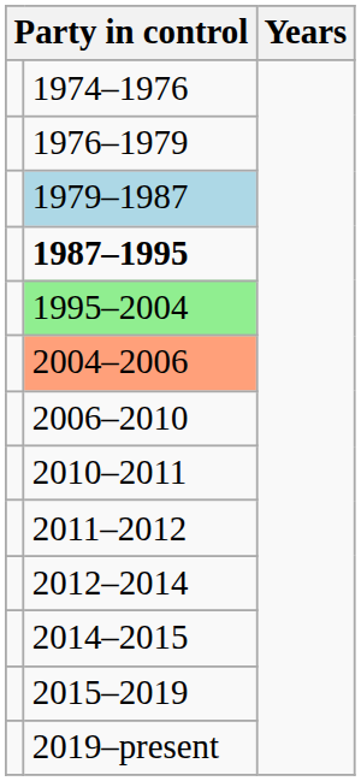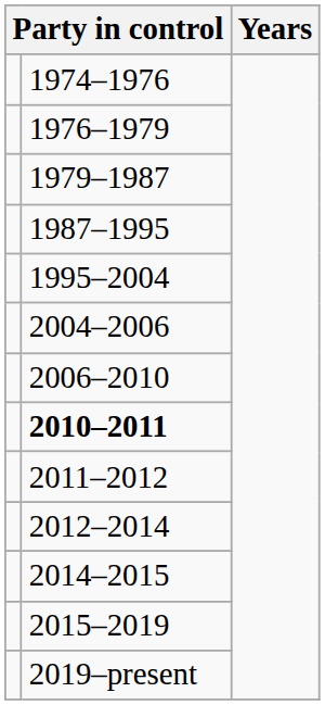 <table class="wikitable">
 <tr>
 <th colspan=2>Party in control</th>
 <th>Years</th>
 </tr>
 <tr>
 <td></td>
 <td>1974–1976</td>
 </tr>
 <tr>
 <td></td>
 <td>1976–1979</td>
 </tr>
 <tr>
 <td></td>
-<td style="background: lightblue;">1979–1987</td>
+<td>1979–1987</td>
 </tr>
 <tr>
 <td></td>
-<td><strong>1987–1995</strong></td>
+<td>1987–1995</td>
 </tr>
 <tr>
 <td></td>
-<td style="background: lightgreen;">1995–2004</td>
+<td>1995–2004</td>
 </tr>
 <tr>
 <td></td>
-<td style="background: lightsalmon;">2004–2006</td>
+<td>2004–2006</td>
 </tr>
 <tr>
 <td></td>
 <td>2006–2010</td>
 </tr>
 <tr>
 <td></td>
-<td>2010–2011</td>
+<td><strong>2010–2011</strong></td>
 </tr>
 <tr>
 <td></td>
 <td>2011–2012</td>
 </tr>
 <tr>
 <td></td>
 <td>2012–2014</td>
 </tr>
 <tr>
 <td></td>
 <td>2014–2015</td>
 </tr>
 <tr>
 <td></td>
 <td>2015–2019</td>
 </tr>
 <tr>
 <td></td>
 <td>2019–present</td>
 </tr>
 </table>
